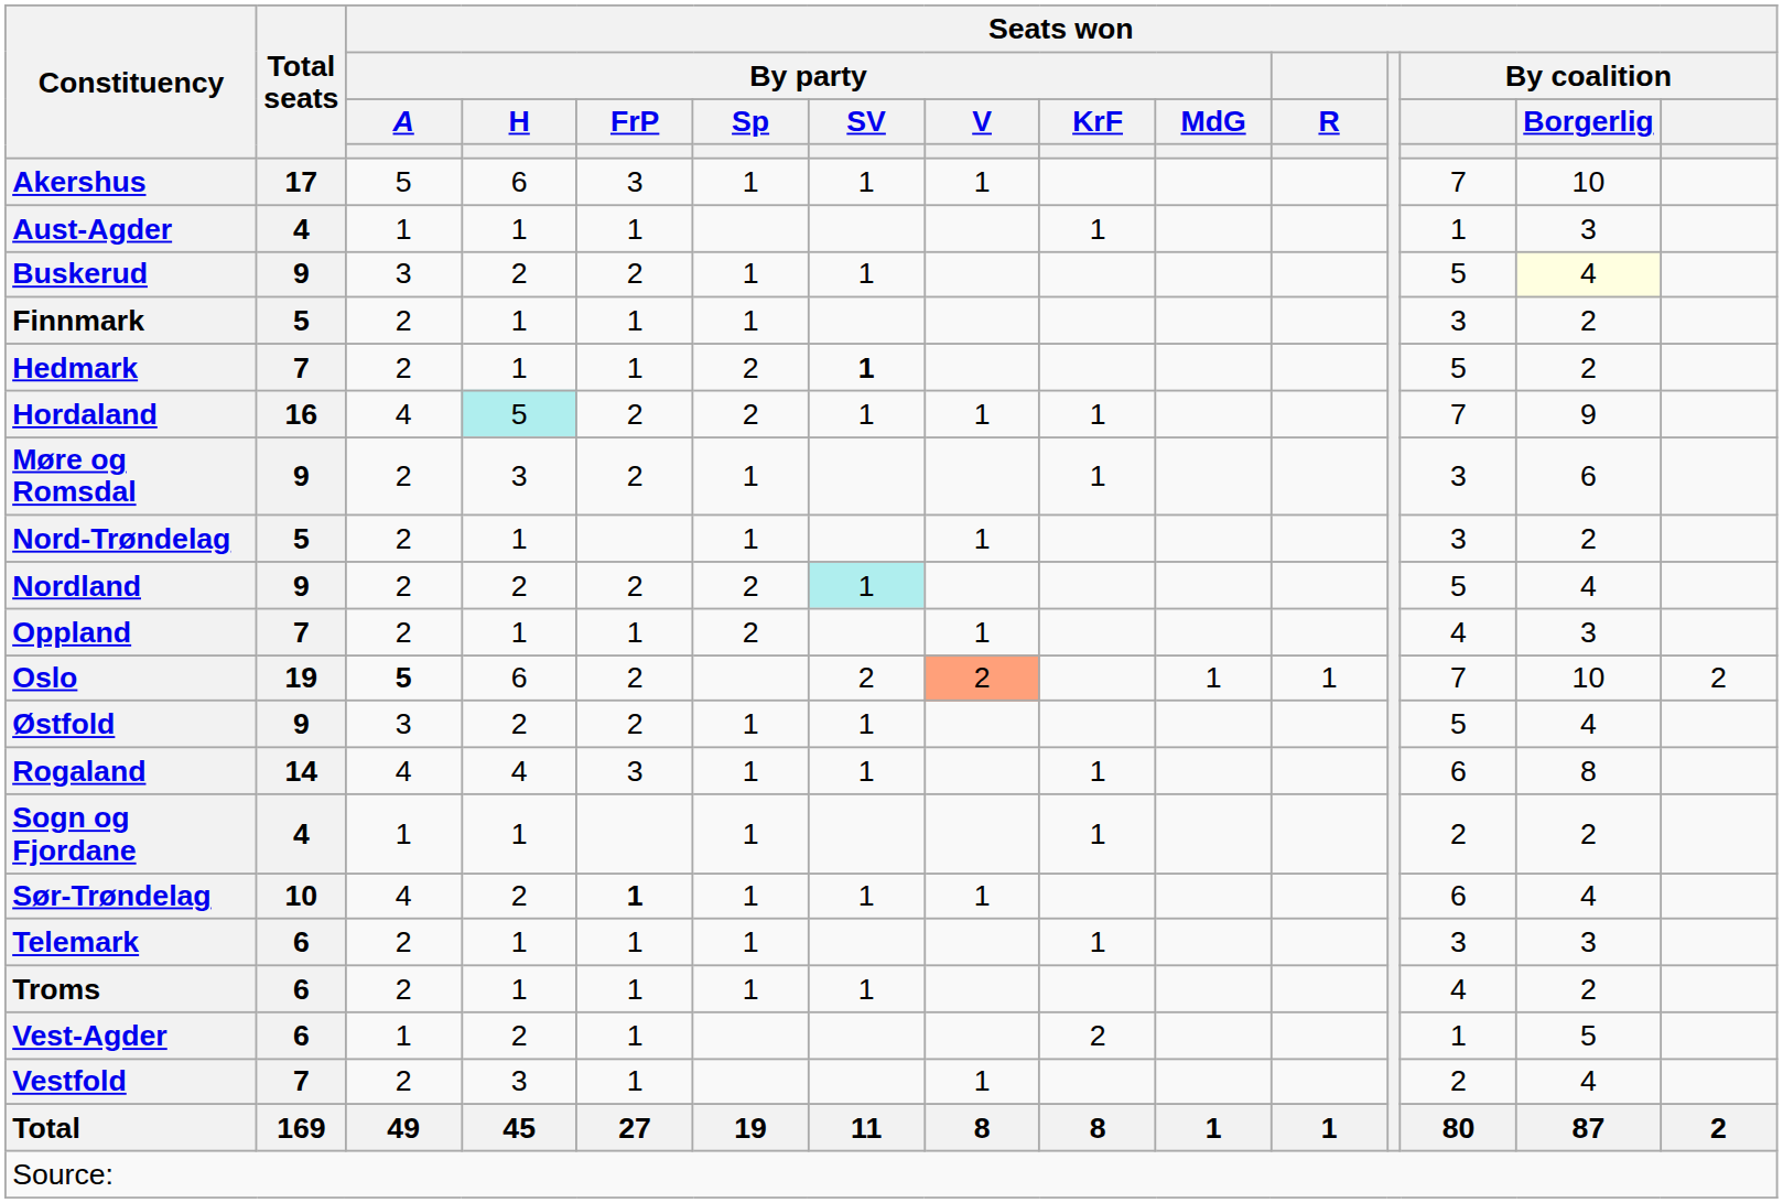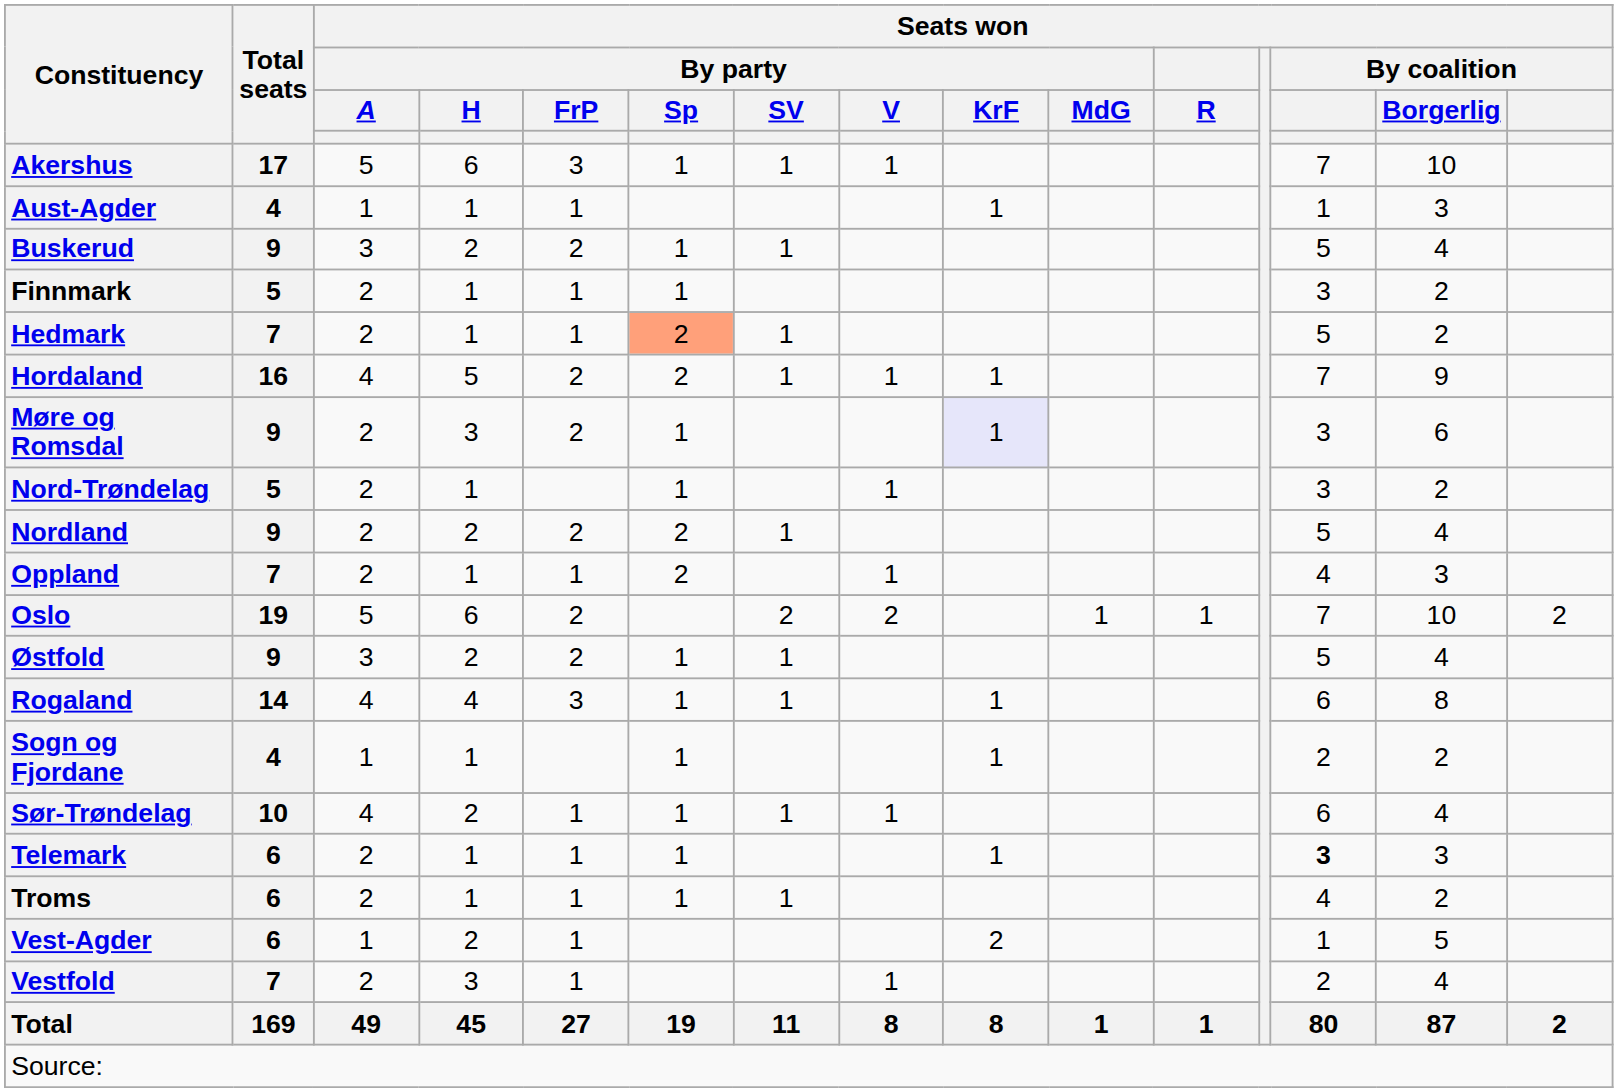 <table class="wikitable" style="text-align:center; font-size: 0.9em;">
 <tr>
 <th rowspan="4">Constituency</th>
 <th rowspan="4">Total<br>seats</th>
 <th colspan="13">Seats won</th>
 </tr>
 <tr>
 <th colspan="8">By party</th>
 <th></th>
 <th rowspan="23"></th>
 <th colspan="3">By coalition</th>
 </tr>
 <tr>
 <th class="unsortable" style="width:50px;"><a href='#'><em>A</em></a></th>
 <th class="unsortable" style="width:50px;"><a href='#'>H</a></th>
 <th class="unsortable" style="width:50px;"><a href='#'>FrP</a></th>
 <th class="unsortable" style="width:50px;"><a href='#'>Sp</a></th>
 <th class="unsortable" style="width:50px;"><a href='#'>SV</a></th>
 <th class="unsortable" style="width:50px;"><a href='#'>V</a></th>
 <th class="unsortable" style="width:50px;"><a href='#'>KrF</a></th>
 <th class="unsortable" style="width:50px;"><a href='#'>MdG</a></th>
 <th class="unsortable" style="width:50px;"><a href='#'>R</a></th>
 <th class="unsortable" style="width:50px;"></th>
 <th class="unsortable" style="width:50px;"><a href='#'>Borgerlig</a></th>
 <th class="unsortable" style="width:50px;"></th>
 </tr>
 <tr>
 <th style="background:"></th>
 <th style="background:"></th>
 <th style="background:"></th>
 <th style="background:"></th>
 <th style="background:"></th>
 <th style="background:"></th>
 <th style="background:"></th>
 <th style="background:"></th>
 <th style="background:"></th>
 <th style="background:"></th>
 <th style="background:"></th>
 <th></th>
 </tr>
 <tr>
 <th style="text-align: left;"><a href='#'>Akershus</a></th>
 <th>17</th>
 <td>5</td>
 <td>6</td>
 <td>3</td>
 <td>1</td>
 <td>1</td>
 <td>1</td>
 <td></td>
 <td></td>
 <td></td>
 <td>7</td>
 <td>10</td>
 <td></td>
 </tr>
 <tr>
 <th style="text-align: left;"><a href='#'>Aust-Agder</a></th>
 <th>4</th>
 <td>1</td>
 <td>1</td>
 <td>1</td>
 <td></td>
 <td></td>
 <td></td>
 <td>1</td>
 <td></td>
 <td></td>
 <td>1</td>
 <td>3</td>
 <td></td>
 </tr>
 <tr>
 <th style="text-align: left;"><a href='#'>Buskerud</a></th>
 <th>9</th>
 <td>3</td>
 <td>2</td>
 <td>2</td>
 <td>1</td>
 <td>1</td>
 <td></td>
 <td></td>
 <td></td>
 <td></td>
 <td>5</td>
-<td style="background: lightyellow;">4</td>
+<td>4</td>
 <td></td>
 </tr>
 <tr>
 <th style="text-align: left;">Finnmark</th>
 <th>5</th>
 <td>2</td>
 <td>1</td>
 <td>1</td>
 <td>1</td>
 <td></td>
 <td></td>
 <td></td>
 <td></td>
 <td></td>
 <td>3</td>
 <td>2</td>
 <td></td>
 </tr>
 <tr>
 <th style="text-align: left;"><a href='#'>Hedmark</a></th>
 <th>7</th>
 <td>2</td>
 <td>1</td>
 <td>1</td>
-<td>2</td>
-<td><strong>1</strong></td>
+<td style="background: lightsalmon;">2</td>
+<td>1</td>
 <td></td>
 <td></td>
 <td></td>
 <td></td>
 <td>5</td>
 <td>2</td>
 <td></td>
 </tr>
 <tr>
 <th style="text-align: left;"><a href='#'>Hordaland</a></th>
 <th>16</th>
 <td>4</td>
-<td style="background: paleturquoise;">5</td>
+<td>5</td>
 <td>2</td>
 <td>2</td>
 <td>1</td>
 <td>1</td>
 <td>1</td>
 <td></td>
 <td></td>
 <td>7</td>
 <td>9</td>
 <td></td>
 </tr>
 <tr>
 <th style="text-align: left;"><a href='#'>Møre og Romsdal</a></th>
 <th>9</th>
 <td>2</td>
 <td>3</td>
 <td>2</td>
 <td>1</td>
 <td></td>
 <td></td>
-<td>1</td>
+<td style="background: lavender;">1</td>
 <td></td>
 <td></td>
 <td>3</td>
 <td>6</td>
 <td></td>
 </tr>
 <tr>
 <th style="text-align: left;"><a href='#'>Nord-Trøndelag</a></th>
 <th>5</th>
 <td>2</td>
 <td>1</td>
 <td></td>
 <td>1</td>
 <td></td>
 <td>1</td>
 <td></td>
 <td></td>
 <td></td>
 <td>3</td>
 <td>2</td>
 <td></td>
 </tr>
 <tr>
 <th style="text-align: left;"><a href='#'>Nordland</a></th>
 <th>9</th>
 <td>2</td>
 <td>2</td>
 <td>2</td>
 <td>2</td>
-<td style="background: paleturquoise;">1</td>
+<td>1</td>
 <td></td>
 <td></td>
 <td></td>
 <td></td>
 <td>5</td>
 <td>4</td>
 <td></td>
 </tr>
 <tr>
 <th style="text-align: left;"><a href='#'>Oppland</a></th>
 <th>7</th>
 <td>2</td>
 <td>1</td>
 <td>1</td>
 <td>2</td>
 <td></td>
 <td>1</td>
 <td></td>
 <td></td>
 <td></td>
 <td>4</td>
 <td>3</td>
 <td></td>
 </tr>
 <tr>
 <th style="text-align: left;"><a href='#'>Oslo</a></th>
 <th>19</th>
-<td><strong>5</strong></td>
+<td>5</td>
 <td>6</td>
 <td>2</td>
 <td></td>
 <td>2</td>
-<td style="background: lightsalmon;">2</td>
+<td>2</td>
 <td></td>
 <td>1</td>
 <td>1</td>
 <td>7</td>
 <td>10</td>
 <td>2</td>
 </tr>
 <tr>
 <th style="text-align: left;"><a href='#'>Østfold</a></th>
 <th>9</th>
 <td>3</td>
 <td>2</td>
 <td>2</td>
 <td>1</td>
 <td>1</td>
 <td></td>
 <td></td>
 <td></td>
 <td></td>
 <td>5</td>
 <td>4</td>
 <td></td>
 </tr>
 <tr>
 <th style="text-align: left;"><a href='#'>Rogaland</a></th>
 <th>14</th>
 <td>4</td>
 <td>4</td>
 <td>3</td>
 <td>1</td>
 <td>1</td>
 <td></td>
 <td>1</td>
 <td></td>
 <td></td>
 <td>6</td>
 <td>8</td>
 <td></td>
 </tr>
 <tr>
 <th style="text-align: left;"><a href='#'>Sogn og Fjordane</a></th>
 <th>4</th>
 <td>1</td>
 <td>1</td>
 <td></td>
 <td>1</td>
 <td></td>
 <td></td>
 <td>1</td>
 <td></td>
 <td></td>
 <td>2</td>
 <td>2</td>
 <td></td>
 </tr>
 <tr>
 <th style="text-align: left;"><a href='#'>Sør-Trøndelag</a></th>
 <th>10</th>
 <td>4</td>
 <td>2</td>
-<td><strong>1</strong></td>
+<td>1</td>
 <td>1</td>
 <td>1</td>
 <td>1</td>
 <td></td>
 <td></td>
 <td></td>
 <td>6</td>
 <td>4</td>
 <td></td>
 </tr>
 <tr>
 <th style="text-align: left;"><a href='#'>Telemark</a></th>
 <th>6</th>
 <td>2</td>
 <td>1</td>
 <td>1</td>
 <td>1</td>
 <td></td>
 <td></td>
 <td>1</td>
 <td></td>
 <td></td>
-<td>3</td>
+<td><strong>3</strong></td>
 <td>3</td>
 <td></td>
 </tr>
 <tr>
 <th style="text-align: left;">Troms</th>
 <th>6</th>
 <td>2</td>
 <td>1</td>
 <td>1</td>
 <td>1</td>
 <td>1</td>
 <td></td>
 <td></td>
 <td></td>
 <td></td>
 <td>4</td>
 <td>2</td>
 <td></td>
 </tr>
 <tr>
 <th style="text-align: left;"><a href='#'>Vest-Agder</a></th>
 <th>6</th>
 <td>1</td>
 <td>2</td>
 <td>1</td>
 <td></td>
 <td></td>
 <td></td>
 <td>2</td>
 <td></td>
 <td></td>
 <td>1</td>
 <td>5</td>
 <td></td>
 </tr>
 <tr>
 <th style="text-align: left;"><a href='#'>Vestfold</a></th>
 <th>7</th>
 <td>2</td>
 <td>3</td>
 <td>1</td>
 <td></td>
 <td></td>
 <td>1</td>
 <td></td>
 <td></td>
 <td></td>
 <td>2</td>
 <td>4</td>
 <td></td>
 </tr>
 <tr>
 <th style="text-align: left;">Total</th>
 <th>169</th>
 <th>49</th>
 <th>45</th>
 <th>27</th>
 <th>19</th>
 <th>11</th>
 <th>8</th>
 <th>8</th>
 <th>1</th>
 <th>1</th>
 <th>80</th>
 <th>87</th>
 <th>2</th>
 </tr>
 <tr>
 <td align=left colspan="15">Source: </td>
 </tr>
 </table>
